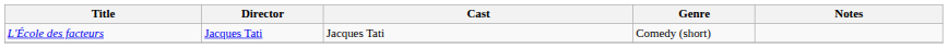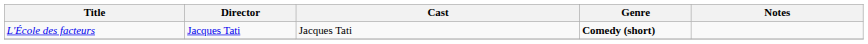 <table class="wikitable" style="width:100%;">
 <tr>
 <th style="width:21%;">Title</th>
 <th style="width:13%;">Director</th>
 <th style="width:33%;">Cast</th>
 <th style="width:13%;">Genre</th>
 <th style="width:20%;">Notes</th>
 </tr>
 <tr>
 <td><em><a href='#'>L'École des facteurs</a></em></td>
 <td><a href='#'>Jacques Tati</a></td>
 <td>Jacques Tati</td>
-<td>Comedy (short)</td>
+<td><strong>Comedy (short)</strong></td>
 <td></td>
 </tr>
 <tr>
 </tr>
 </table>
